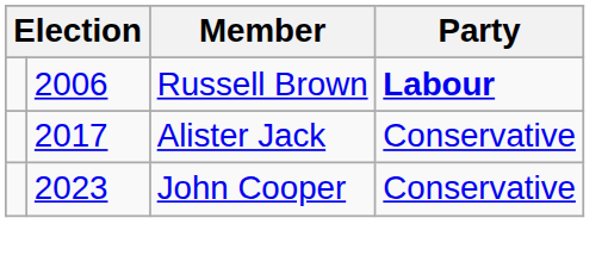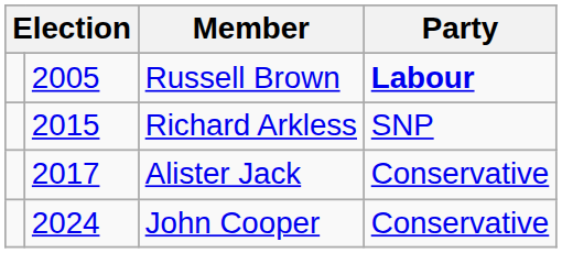 <table class="wikitable">
 <tr>
 <th colspan="2">Election</th>
 <th>Member</th>
 <th>Party</th>
 </tr>
 <tr>
 <td style="color:inherit;background-color: "></td>
-<td><a href='#'>2006</a></td>
+<td><a href='#'>2005</a></td>
 <td><a href='#'>Russell Brown</a></td>
 <td><strong><a href='#'>Labour</a></strong></td>
+</tr>
+<tr>
+<td style="color:inherit;background-color: "></td>
+<td><a href='#'>2015</a></td>
+<td><a href='#'>Richard Arkless</a></td>
+<td><a href='#'>SNP</a></td>
 </tr>
 <tr>
 <td style="color:inherit;background-color: "></td>
 <td><a href='#'>2017</a></td>
 <td><a href='#'>Alister Jack</a></td>
 <td><a href='#'>Conservative</a></td>
 </tr>
 <tr>
 <td style="color:inherit;background-color: "></td>
-<td><a href='#'>2023</a></td>
+<td><a href='#'>2024</a></td>
 <td><a href='#'>John Cooper</a></td>
 <td><a href='#'>Conservative</a></td>
 </tr>
 </table>
